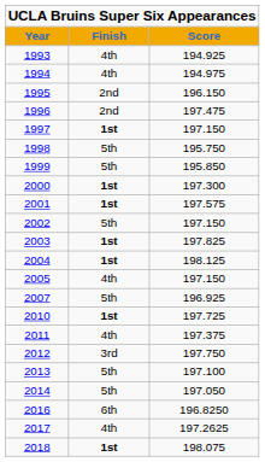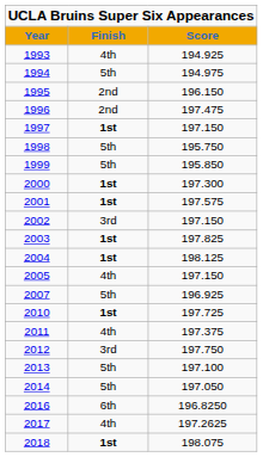 <table style="margin: 1em auto 1em auto" class="wikitable">
 <tr>
 <td colspan=3 align=center><big><span><strong>UCLA Bruins Super Six Appearances</strong></span></big></td>
 </tr>
 <tr align="center" valign="top">
 <th style="background:#F2A900; color:#2D68C4; text-align:center">Year</th>
 <th style="background:#F2A900; color:#2D68C4; text-align:center">Finish</th>
 <th style="background:#F2A900; color:#2D68C4; text-align:center">Score</th>
 </tr>
 <tr align="center" valign="top">
 <td><a href='#'>1993</a></td>
 <td>4th</td>
 <td>194.925</td>
 </tr>
 <tr align="center" valign="top">
 <td><a href='#'>1994</a></td>
-<td>4th</td>
+<td>5th</td>
 <td>194.975</td>
 </tr>
 <tr align="center" valign="top">
 <td><a href='#'>1995</a></td>
 <td>2nd</td>
 <td>196.150</td>
 </tr>
 <tr align="center" valign="top">
 <td><a href='#'>1996</a></td>
 <td>2nd</td>
 <td>197.475</td>
 </tr>
 <tr align="center" valign="top">
 <td><a href='#'>1997</a></td>
 <td><strong>1st</strong></td>
 <td>197.150</td>
 </tr>
 <tr align="center" valign="top">
 <td><a href='#'>1998</a></td>
 <td>5th</td>
 <td>195.750</td>
 </tr>
 <tr align="center" valign="top">
 <td><a href='#'>1999</a></td>
 <td>5th</td>
 <td>195.850</td>
 </tr>
 <tr align="center" valign="top">
 <td><a href='#'>2000</a></td>
 <td><strong>1st</strong></td>
 <td>197.300</td>
 </tr>
 <tr align="center" valign="top">
 <td><a href='#'>2001</a></td>
 <td><strong>1st</strong></td>
 <td>197.575</td>
 </tr>
 <tr align="center" valign="top">
 <td><a href='#'>2002</a></td>
-<td>5th</td>
+<td>3rd</td>
 <td>197.150</td>
 </tr>
 <tr align="center" valign="top">
 <td><a href='#'>2003</a></td>
 <td><strong>1st</strong></td>
 <td>197.825</td>
 </tr>
 <tr align="center" valign="top">
 <td><a href='#'>2004</a></td>
 <td><strong>1st</strong></td>
 <td>198.125</td>
 </tr>
 <tr align="center" valign="top">
 <td><a href='#'>2005</a></td>
 <td>4th</td>
 <td>197.150</td>
 </tr>
 <tr align="center" valign="top">
 <td><a href='#'>2007</a></td>
 <td>5th</td>
 <td>196.925</td>
 </tr>
 <tr align="center" valign="top">
 <td><a href='#'>2010</a></td>
 <td><strong>1st</strong></td>
 <td>197.725</td>
 </tr>
 <tr align="center" valign="top">
 <td><a href='#'>2011</a></td>
 <td>4th</td>
 <td>197.375</td>
 </tr>
 <tr align="center" valign="top">
 <td><a href='#'>2012</a></td>
 <td>3rd</td>
 <td>197.750</td>
 </tr>
 <tr align="center" valign="top">
 <td><a href='#'>2013</a></td>
 <td>5th</td>
 <td>197.100</td>
 </tr>
 <tr align="center" valign="top">
 <td><a href='#'>2014</a></td>
 <td>5th</td>
 <td>197.050</td>
 </tr>
 <tr align="center" valign="top">
 <td><a href='#'>2016</a></td>
 <td>6th</td>
 <td>196.8250</td>
 </tr>
 <tr align="center" valign="top">
 <td><a href='#'>2017</a></td>
 <td>4th</td>
 <td>197.2625</td>
 </tr>
 <tr align="center" valign="top">
 <td><a href='#'>2018</a></td>
 <td><strong>1st</strong></td>
 <td>198.075</td>
 </tr>
 </table>
